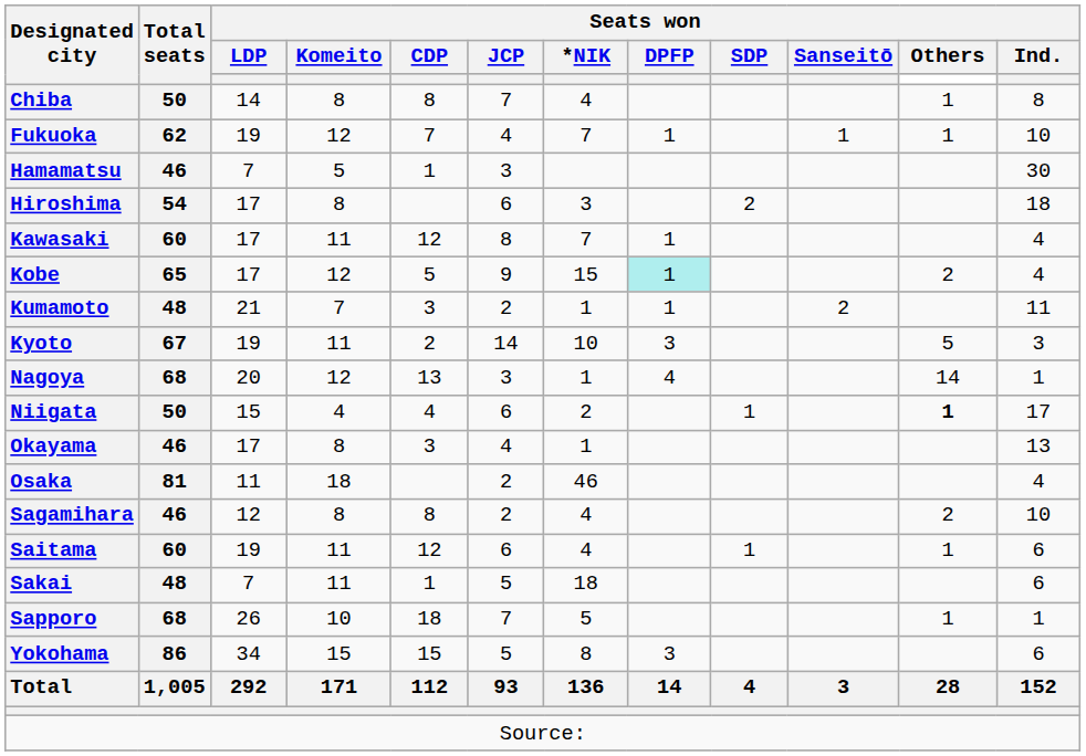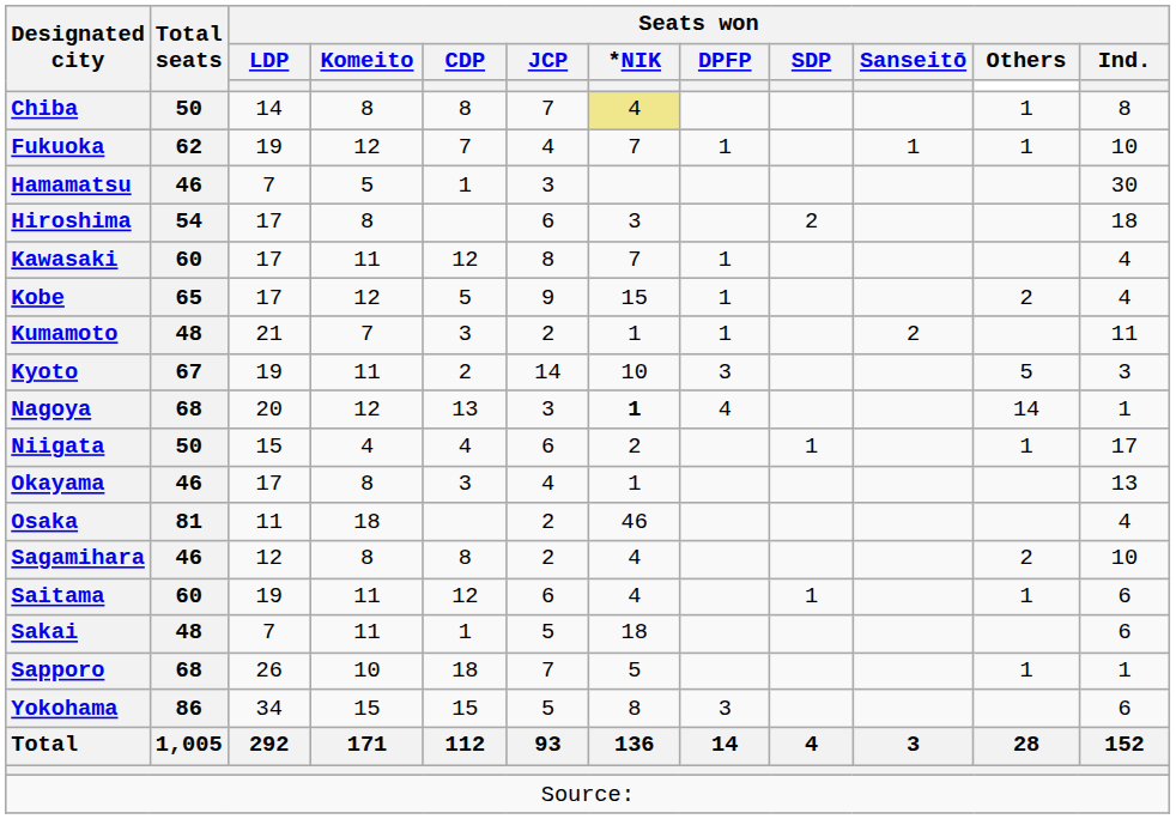 <table class="wikitable" style="text-align:center; font-size: 0.9em;">
 <tr>
 <th rowspan="3">Designated city</th>
 <th rowspan="3">Total<br>seats</th>
 <th colspan="10">Seats won</th>
 </tr>
 <tr>
 <th class="unsortable" style="width:60px;"><a href='#'>LDP</a></th>
 <th class="unsortable" style="width:60px;"><a href='#'>Komeito</a></th>
 <th class="unsortable" style="width:60px;"><a href='#'>CDP</a></th>
 <th class="unsortable" style="width:60px;"><a href='#'>JCP</a></th>
 <th class="unsortable" style="width:60px;">*<a href='#'>NIK</a></th>
 <th class="unsortable" style="width:60px;"><a href='#'>DPFP</a></th>
 <th class="unsortable" style="width:60px;"><a href='#'>SDP</a></th>
 <th class="unsortable" style="width:60px;"><a href='#'>Sanseitō</a></th>
 <th class="unsortable" style="width:60px;">Others</th>
 <th class="unsortable" style="width:60px;">Ind.</th>
 </tr>
 <tr>
 <th style="background:"></th>
 <th style="background:"></th>
 <th style="background:"></th>
 <th style="background:"></th>
 <th style="background:"></th>
 <th style="background:"></th>
 <th style="background:"></th>
 <th style="background:"></th>
 <th style="background:white;"></th>
 <th style="background:"></th>
 </tr>
 <tr>
 <th style="text-align: left;"><a href='#'>Chiba</a></th>
 <th>50</th>
 <td>14</td>
 <td>8</td>
 <td>8</td>
 <td>7</td>
-<td>4</td>
+<td style="background: khaki;">4</td>
 <td></td>
 <td></td>
 <td></td>
 <td>1</td>
 <td>8</td>
 </tr>
 <tr>
 <th style="text-align: left;"><a href='#'>Fukuoka</a></th>
 <th>62</th>
 <td>19</td>
 <td>12</td>
 <td>7</td>
 <td>4</td>
 <td>7</td>
 <td>1</td>
 <td></td>
 <td>1</td>
 <td>1</td>
 <td>10</td>
 </tr>
 <tr>
 <th style="text-align: left;"><a href='#'>Hamamatsu</a></th>
 <th>46</th>
 <td>7</td>
 <td>5</td>
 <td>1</td>
 <td>3</td>
 <td></td>
 <td></td>
 <td></td>
 <td></td>
 <td></td>
 <td>30</td>
 </tr>
 <tr>
 <th style="text-align: left;"><a href='#'>Hiroshima</a></th>
 <th>54</th>
 <td>17</td>
 <td>8</td>
 <td></td>
 <td>6</td>
 <td>3</td>
 <td></td>
 <td>2</td>
 <td></td>
 <td></td>
 <td>18</td>
 </tr>
 <tr>
 <th style="text-align: left;"><a href='#'>Kawasaki</a></th>
 <th>60</th>
 <td>17</td>
 <td>11</td>
 <td>12</td>
 <td>8</td>
 <td>7</td>
 <td>1</td>
 <td></td>
 <td></td>
 <td></td>
 <td>4</td>
 </tr>
 <tr>
 <th style="text-align: left;"><a href='#'>Kobe</a></th>
 <th>65</th>
 <td>17</td>
 <td>12</td>
 <td>5</td>
 <td>9</td>
 <td>15</td>
-<td style="background: paleturquoise;">1</td>
+<td>1</td>
 <td></td>
 <td></td>
 <td>2</td>
 <td>4</td>
 </tr>
 <tr>
 <th style="text-align: left;"><a href='#'>Kumamoto</a></th>
 <th>48</th>
 <td>21</td>
 <td>7</td>
 <td>3</td>
 <td>2</td>
 <td>1</td>
 <td>1</td>
 <td></td>
 <td>2</td>
 <td></td>
 <td>11</td>
 </tr>
 <tr>
 <th style="text-align: left;"><a href='#'>Kyoto</a></th>
 <th>67</th>
 <td>19</td>
 <td>11</td>
 <td>2</td>
 <td>14</td>
 <td>10</td>
 <td>3</td>
 <td></td>
 <td></td>
 <td>5</td>
 <td>3</td>
 </tr>
 <tr>
 <th style="text-align: left;"><a href='#'>Nagoya</a></th>
 <th>68</th>
 <td>20</td>
 <td>12</td>
 <td>13</td>
 <td>3</td>
-<td>1</td>
+<td><strong>1</strong></td>
 <td>4</td>
 <td></td>
 <td></td>
 <td>14</td>
 <td>1</td>
 </tr>
 <tr>
 <th style="text-align: left;"><a href='#'>Niigata</a></th>
 <th>50</th>
 <td>15</td>
 <td>4</td>
 <td>4</td>
 <td>6</td>
 <td>2</td>
 <td></td>
 <td>1</td>
 <td></td>
-<td><strong>1</strong></td>
+<td>1</td>
 <td>17</td>
 </tr>
 <tr>
 <th style="text-align: left;"><a href='#'>Okayama</a></th>
 <th>46</th>
 <td>17</td>
 <td>8</td>
 <td>3</td>
 <td>4</td>
 <td>1</td>
 <td></td>
 <td></td>
 <td></td>
 <td></td>
 <td>13</td>
 </tr>
 <tr>
 <th style="text-align: left;"><a href='#'>Osaka</a></th>
 <th>81</th>
 <td>11</td>
 <td>18</td>
 <td></td>
 <td>2</td>
 <td>46</td>
 <td></td>
 <td></td>
 <td></td>
 <td></td>
 <td>4</td>
 </tr>
 <tr>
 <th style="text-align: left;"><a href='#'>Sagamihara</a></th>
 <th>46</th>
 <td>12</td>
 <td>8</td>
 <td>8</td>
 <td>2</td>
 <td>4</td>
 <td></td>
 <td></td>
 <td></td>
 <td>2</td>
 <td>10</td>
 </tr>
 <tr>
 <th style="text-align: left;"><a href='#'>Saitama</a></th>
 <th>60</th>
 <td>19</td>
 <td>11</td>
 <td>12</td>
 <td>6</td>
 <td>4</td>
 <td></td>
 <td>1</td>
 <td></td>
 <td>1</td>
 <td>6</td>
 </tr>
 <tr>
 <th style="text-align: left;"><a href='#'>Sakai</a></th>
 <th>48</th>
 <td>7</td>
 <td>11</td>
 <td>1</td>
 <td>5</td>
 <td>18</td>
 <td></td>
 <td></td>
 <td></td>
 <td></td>
 <td>6</td>
 </tr>
 <tr>
 <th style="text-align: left;"><a href='#'>Sapporo</a></th>
 <th>68</th>
 <td>26</td>
 <td>10</td>
 <td>18</td>
 <td>7</td>
 <td>5</td>
 <td></td>
 <td></td>
 <td></td>
 <td>1</td>
 <td>1</td>
 </tr>
 <tr>
 <th style="text-align: left;"><a href='#'>Yokohama</a></th>
 <th>86</th>
 <td>34</td>
 <td>15</td>
 <td>15</td>
 <td>5</td>
 <td>8</td>
 <td>3</td>
 <td></td>
 <td></td>
 <td></td>
 <td>6</td>
 </tr>
 <tr class="sortbottom">
 <th style="text-align: left;">Total</th>
 <th>1,005</th>
 <th>292</th>
 <th>171</th>
 <th>112</th>
 <th>93</th>
 <th>136</th>
 <th>14</th>
 <th>4</th>
 <th>3</th>
 <th>28</th>
 <th>152</th>
 </tr>
 <tr>
 <th colspan="12"></th>
 </tr>
 <tr>
 <td colspan="12">Source: </td>
 </tr>
 </table>
